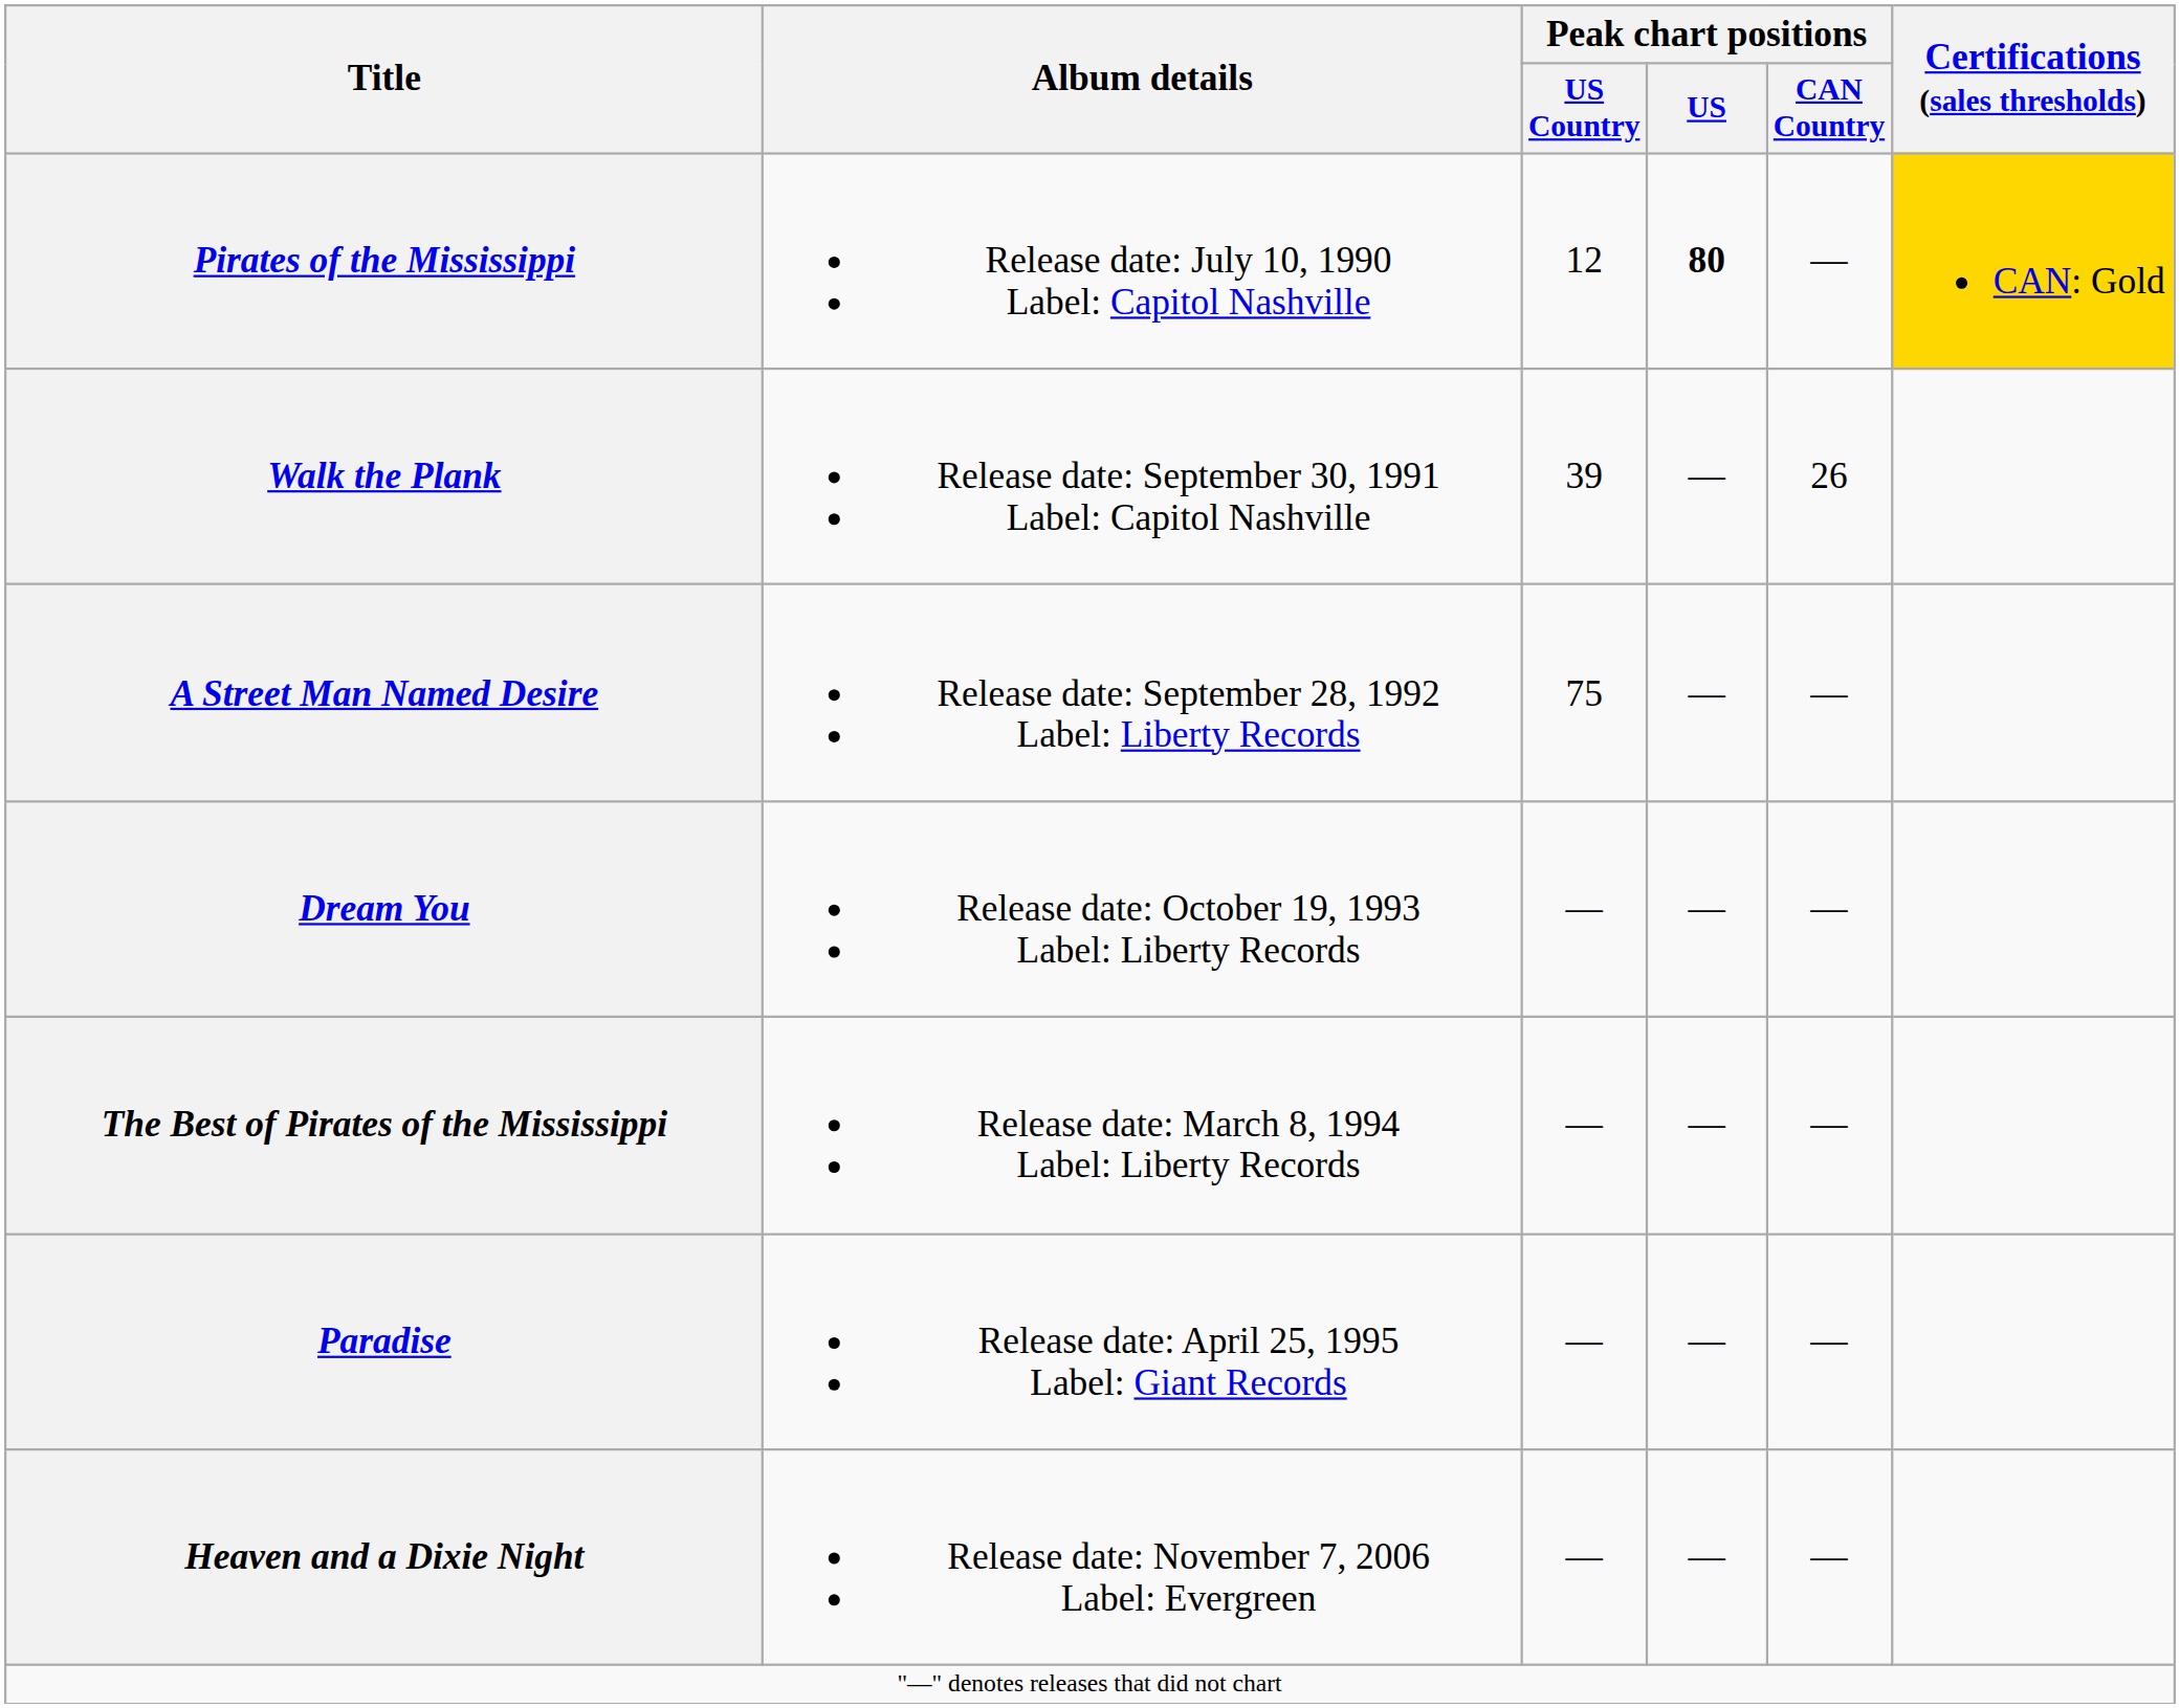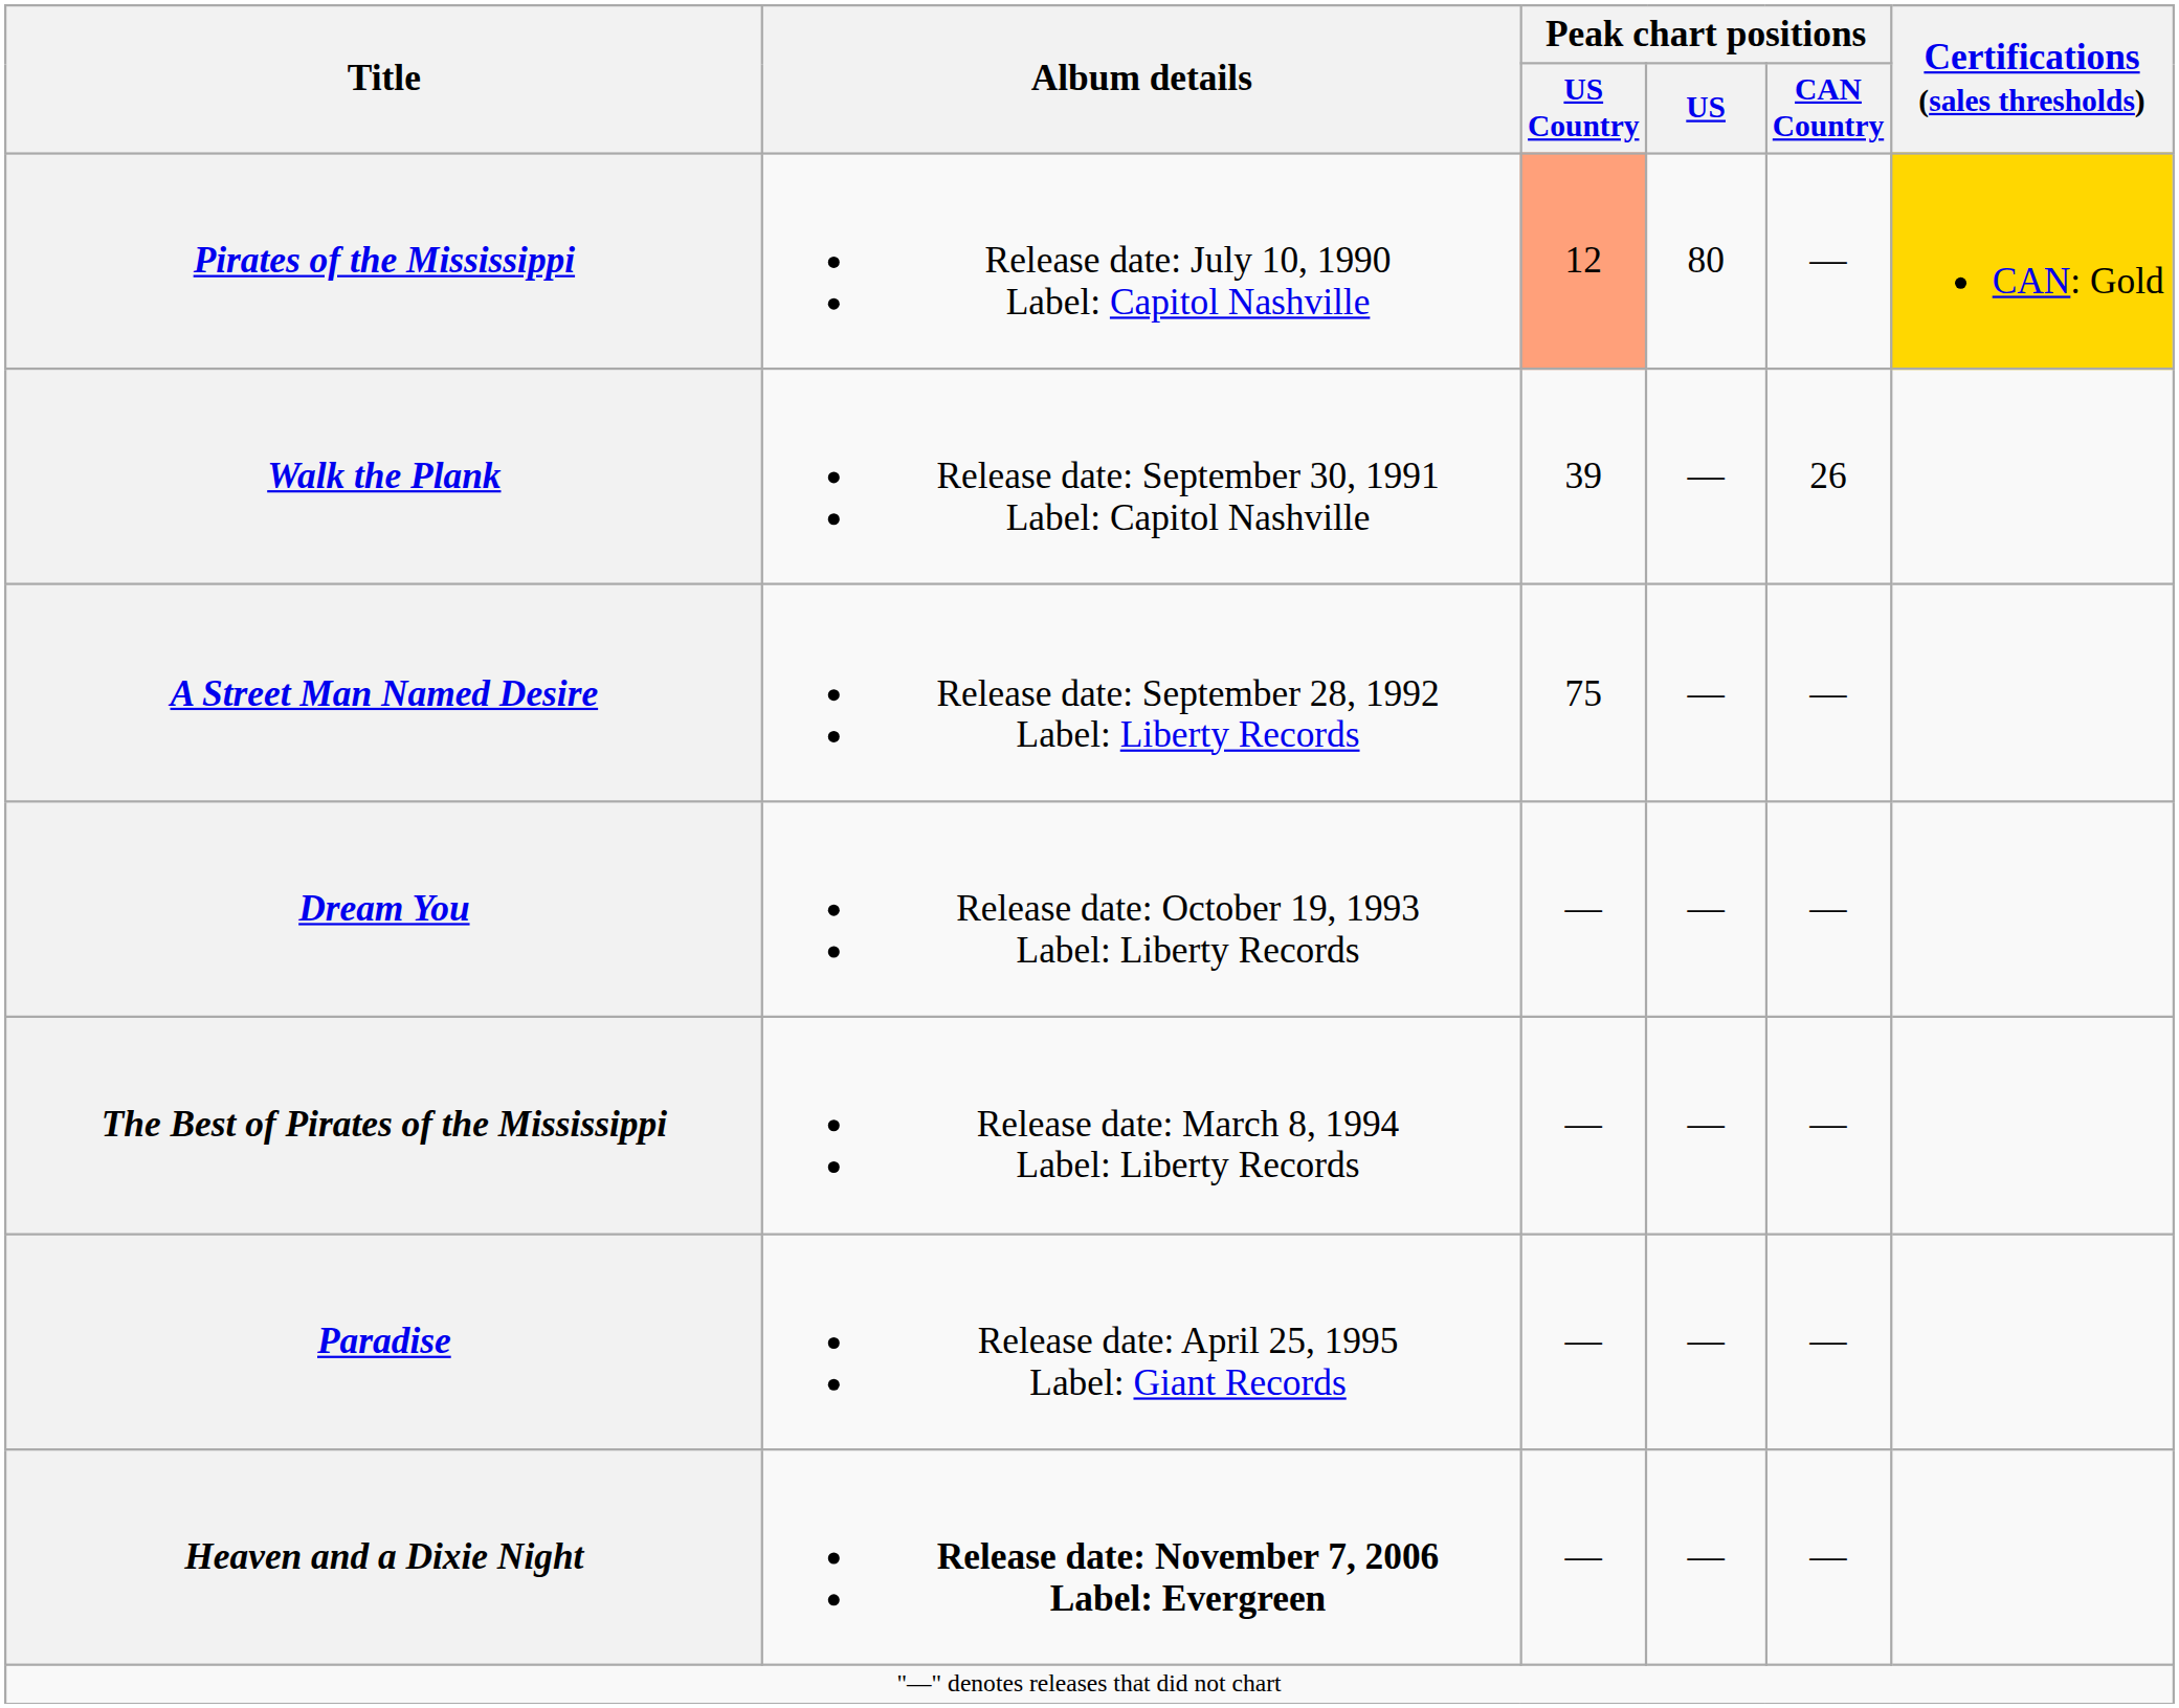 <table class="wikitable plainrowheaders" style="text-align:center;">
 <tr>
 <th rowspan="2" style="width:20em;">Title</th>
 <th rowspan="2" style="width:20em;">Album details</th>
 <th colspan="3">Peak chart positions</th>
 <th rowspan="2"><a href='#'>Certifications</a><br><small>(<a href='#'>sales thresholds</a>)</small></th>
 </tr>
 <tr style="font-size:smaller;">
 <th width="45"><a href='#'>US Country</a><br></th>
 <th width="45"><a href='#'>US</a><br></th>
 <th width="45"><a href='#'>CAN Country</a><br></th>
 </tr>
 <tr>
 <th scope="row"><em><a href='#'>Pirates of the Mississippi</a></em></th>
 <td><br><ul><li>Release date: July 10, 1990</li><li>Label: <a href='#'>Capitol Nashville</a></li></ul></td>
-<td>12</td>
-<td><strong>80</strong></td>
+<td style="background: lightsalmon;">12</td>
+<td>80</td>
 <td>—</td>
 <td align="left" style="background: gold;"><br><ul><li><a href='#'>CAN</a>: Gold</li></ul></td>
 </tr>
 <tr>
 <th scope="row"><em><a href='#'>Walk the Plank</a></em></th>
 <td><br><ul><li>Release date: September 30, 1991</li><li>Label: Capitol Nashville</li></ul></td>
 <td>39</td>
 <td>—</td>
 <td>26</td>
 <td></td>
 </tr>
 <tr>
 <th scope="row"><em><a href='#'>A Street Man Named Desire</a></em></th>
 <td><br><ul><li>Release date: September 28, 1992</li><li>Label: <a href='#'>Liberty Records</a></li></ul></td>
 <td>75</td>
 <td>—</td>
 <td>—</td>
 <td></td>
 </tr>
 <tr>
 <th scope="row"><em><a href='#'>Dream You</a></em></th>
 <td><br><ul><li>Release date: October 19, 1993</li><li>Label: Liberty Records</li></ul></td>
 <td>—</td>
 <td>—</td>
 <td>—</td>
 <td></td>
 </tr>
 <tr>
 <th scope="row"><em>The Best of Pirates of the Mississippi</em></th>
 <td><br><ul><li>Release date: March 8, 1994</li><li>Label: Liberty Records</li></ul></td>
 <td>—</td>
 <td>—</td>
 <td>—</td>
 <td></td>
 </tr>
 <tr>
 <th scope="row"><em><a href='#'>Paradise</a></em></th>
 <td><br><ul><li>Release date: April 25, 1995</li><li>Label: <a href='#'>Giant Records</a></li></ul></td>
 <td>—</td>
 <td>—</td>
 <td>—</td>
 <td></td>
 </tr>
 <tr>
 <th scope="row"><em>Heaven and a Dixie Night</em></th>
-<td><br><ul><li>Release date: November 7, 2006</li><li>Label: Evergreen</li></ul></td>
+<td><strong><br><ul><li>Release date: November 7, 2006</li><li>Label: Evergreen</li></ul></strong></td>
 <td>—</td>
 <td>—</td>
 <td>—</td>
 <td></td>
 </tr>
 <tr>
 <td colspan="6" style="font-size:8pt">"—" denotes releases that did not chart</td>
 </tr>
 <tr>
 </tr>
 </table>
